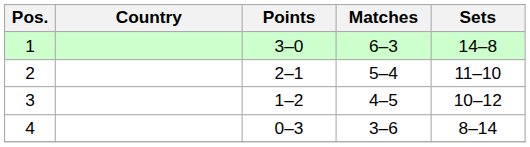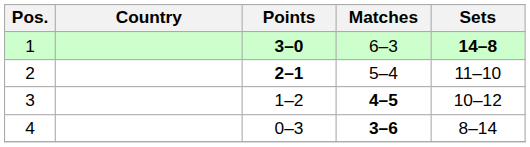 <table class="wikitable" style="text-align:center;">
 <tr>
 <th width=40>Pos.</th>
 <th width=165>Country</th>
 <th width=80>Points</th>
 <th width=80>Matches</th>
 <th width=80>Sets</th>
 </tr>
 <tr style="background:#ccffcc;">
 <td>1</td>
 <td style="text-align:left;"></td>
-<td>3–0</td>
+<td><strong>3–0</strong></td>
 <td>6–3</td>
-<td>14–8</td>
+<td><strong>14–8</strong></td>
 </tr>
 <tr style="background:#ffffff;">
 <td>2</td>
 <td style="text-align:left;"></td>
-<td>2–1</td>
+<td><strong>2–1</strong></td>
 <td>5–4</td>
 <td>11–10</td>
 </tr>
 <tr style="background:#ffffff;">
 <td>3</td>
 <td style="text-align:left;"></td>
 <td>1–2</td>
-<td>4–5</td>
+<td><strong>4–5</strong></td>
 <td>10–12</td>
 </tr>
 <tr style="background:#ffffff;">
 <td>4</td>
 <td style="text-align:left;"></td>
 <td>0–3</td>
-<td>3–6</td>
+<td><strong>3–6</strong></td>
 <td>8–14</td>
 </tr>
 <tr style="background:#ffffff;">
 </tr>
 </table>
